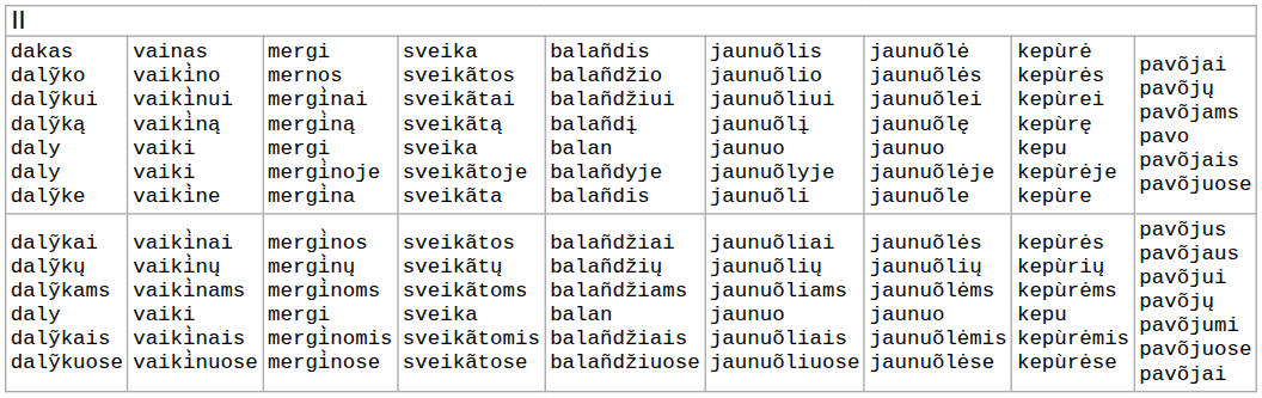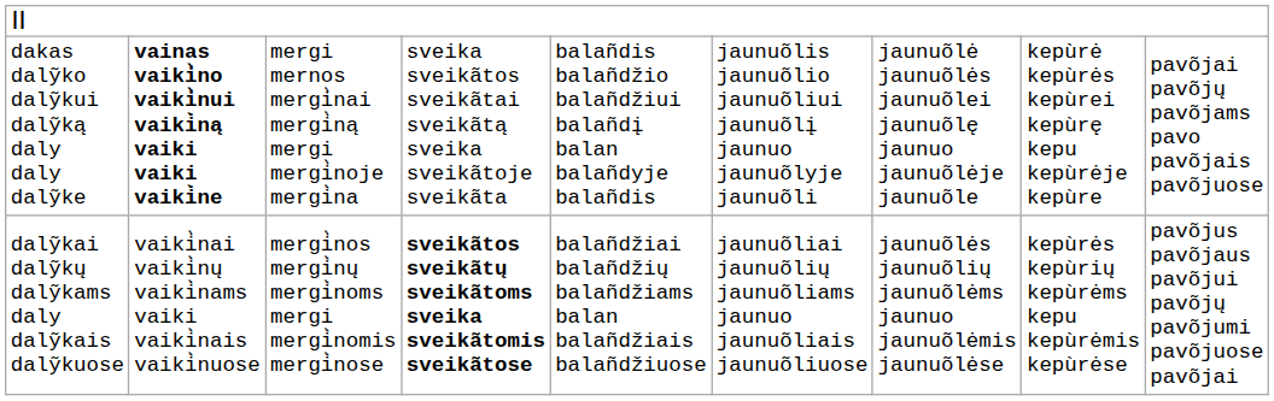 <table class=wikitable style="font-family: monospace; background:#FFFFFF">
 <tr style="font-family: sans-serif; line-height: 0.7em">
 <td colspan=9>II</td>
 </tr>
 <tr>
 <td>dakas<br>dalỹko<br>dalỹkui<br>dalỹką<br>daly<br>daly<br>dalỹke</td>
-<td>vainas<br>vaiki̇̀no<br>vaiki̇̀nui<br>vaiki̇̀ną<br>vaiki<br>vaiki<br>vaiki̇̀ne</td>
+<td><strong>vainas<br>vaiki̇̀no<br>vaiki̇̀nui<br>vaiki̇̀ną<br>vaiki<br>vaiki<br>vaiki̇̀ne</strong></td>
 <td>mergi<br>mernos<br>mergi̇̀nai<br>mergi̇̀ną<br>mergi<br>mergi̇̀noje<br>mergi̇̀na</td>
 <td>sveika<br>sveikãtos<br>sveikãtai<br>sveikãtą<br>sveika<br>sveikãtoje<br>sveikãta</td>
 <td>balañdis<br>balañdžio<br>balañdžiui<br>balañdį<br>balan<br>balañdyje<br>balañdis</td>
 <td>jaunuõlis<br>jaunuõlio<br>jaunuõliui<br>jaunuõlį<br>jaunuo<br>jaunuõlyje<br>jaunuõli</td>
 <td>jaunuõlė<br>jaunuõlės<br>jaunuõlei<br>jaunuõlę<br>jaunuo<br>jaunuõlėje<br>jaunuõle</td>
 <td>kepùrė<br>kepùrės<br>kepùrei<br>kepùrę<br>kepu<br>kepùrėje<br>kepùre</td>
 <td>pavõjai<br>pavõjų<br>pavõjams<br>pavo<br>pavõjais<br>pavõjuose</td>
 </tr>
 <tr>
 <td>dalỹkai<br>dalỹkų<br>dalỹkams<br>daly<br>dalỹkais<br>dalỹkuose</td>
 <td>vaiki̇̀nai<br>vaiki̇̀nų<br>vaiki̇̀nams<br>vaiki<br>vaiki̇̀nais<br>vaiki̇̀nuose</td>
 <td>mergi̇̀nos<br>mergi̇̀nų<br>mergi̇̀noms<br>mergi<br>mergi̇̀nomis<br>mergi̇̀nose</td>
-<td>sveikãtos<br>sveikãtų<br>sveikãtoms<br>sveika<br>sveikãtomis<br>sveikãtose</td>
+<td><strong>sveikãtos<br>sveikãtų<br>sveikãtoms<br>sveika<br>sveikãtomis<br>sveikãtose</strong></td>
 <td>balañdžiai<br>balañdžių<br>balañdžiams<br>balan<br>balañdžiais<br>balañdžiuose</td>
 <td>jaunuõliai<br>jaunuõlių<br>jaunuõliams<br>jaunuo<br>jaunuõliais<br>jaunuõliuose</td>
 <td>jaunuõlės<br>jaunuõlių<br>jaunuõlėms<br>jaunuo<br>jaunuõlėmis<br>jaunuõlėse</td>
 <td>kepùrės<br>kepùrių<br>kepùrėms<br>kepu<br>kepùrėmis<br>kepùrėse</td>
 <td>pavõjus<br>pavõjaus<br>pavõjui<br>pavõjų<br>pavõjumi<br>pavõjuose<br>pavõjai</td>
 </tr>
 </table>
